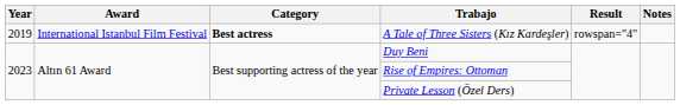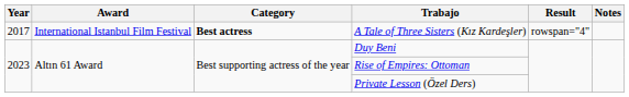 <table class="wikitable">
 <tr>
 <th>Year</th>
 <th>Award</th>
 <th>Category</th>
 <th>Trabajo</th>
 <th>Result</th>
 <th>Notes</th>
 </tr>
 <tr>
-<td>2019</td>
+<td>2017</td>
 <td><a href='#'>International Istanbul Film Festival</a></td>
 <td><strong>Best actress</strong></td>
 <td><em><a href='#'>A Tale of Three Sisters</a></em> (<em>Kız Kardeşler</em>)</td>
 <td>rowspan="4" </td>
 <td></td>
 </tr>
 <tr>
 <td rowspan="3">2023</td>
 <td rowspan="3">Altın 61 Award</td>
 <td rowspan="3">Best supporting actress of the year</td>
 <td><em><a href='#'>Duy Beni</a></em></td>
 <td rowspan="3"></td>
 </tr>
 <tr>
 <td><em><a href='#'>Rise of Empires: Ottoman</a></em></td>
 </tr>
 <tr>
 <td><em><a href='#'>Private Lesson</a></em> (<em>Özel Ders</em>)</td>
 </tr>
 </table>
